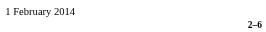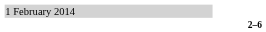 <table width=100% cellspacing=1>
 <tr>
 <th width=25%></th>
 <th width=10%></th>
 <th></th>
 </tr>
 <tr>
-<td>1 February 2014</td>
+<td style="background: lightgrey;">1 February 2014</td>
 </tr>
 <tr style=font-size:90%>
 <td align=right><strong></strong></td>
 <td align=center><strong>2–6</strong></td>
 <td><strong></strong></td>
 </tr>
 </table>
